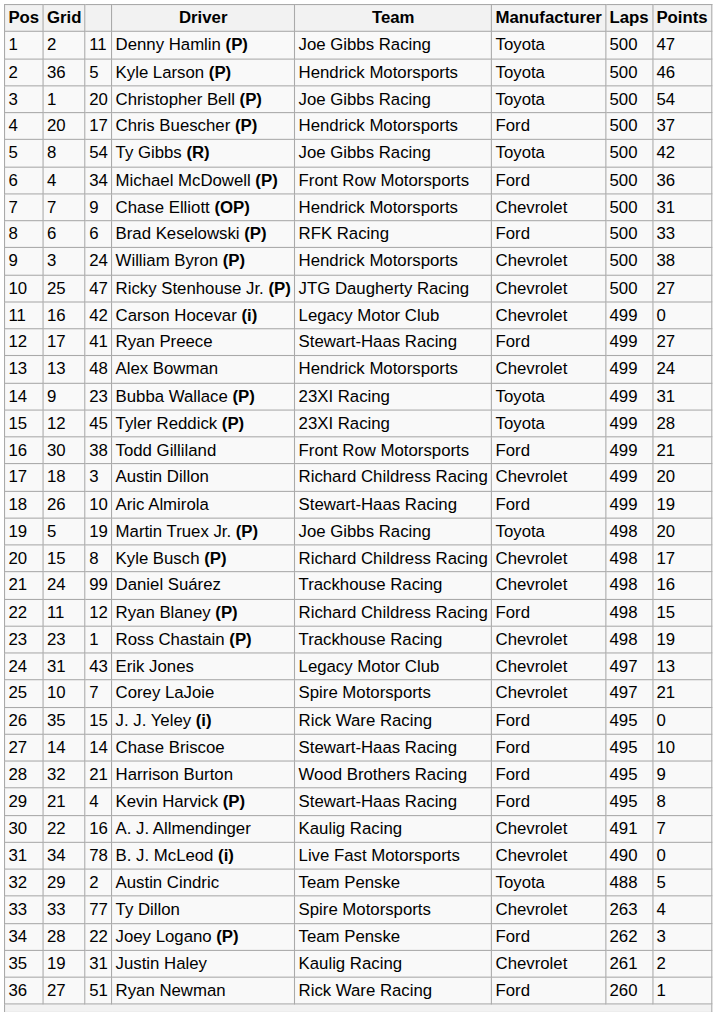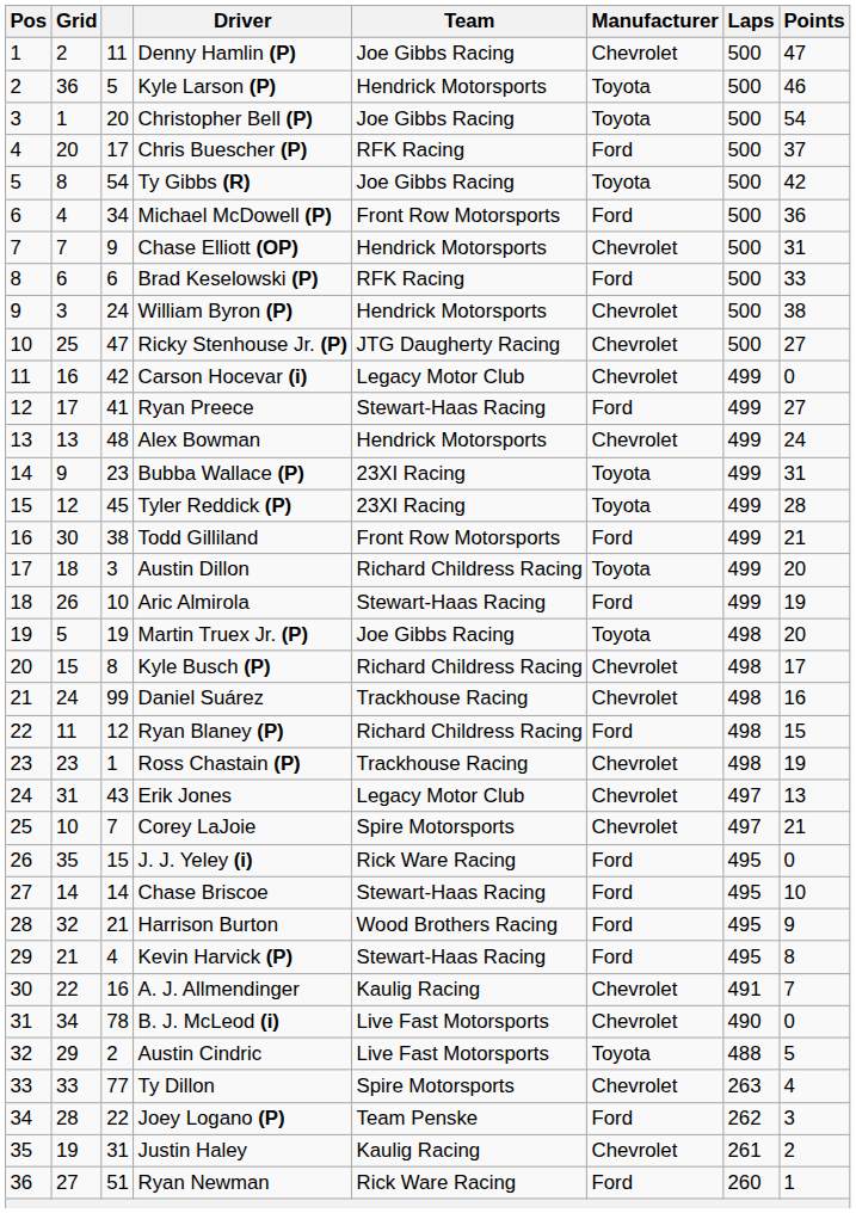 <table class="wikitable" style="font-size:98%">
 <tr>
 <th>Pos</th>
 <th>Grid</th>
 <th></th>
 <th>Driver</th>
 <th>Team</th>
 <th>Manufacturer</th>
 <th>Laps</th>
 <th>Points</th>
 </tr>
 <tr>
 <td>1</td>
 <td>2</td>
 <td>11</td>
 <td>Denny Hamlin <strong>(P)</strong></td>
 <td>Joe Gibbs Racing</td>
-<td>Toyota</td>
+<td>Chevrolet</td>
 <td>500</td>
 <td>47</td>
 </tr>
 <tr>
 <td>2</td>
 <td>36</td>
 <td>5</td>
 <td>Kyle Larson <strong>(P)</strong></td>
 <td>Hendrick Motorsports</td>
 <td>Toyota</td>
 <td>500</td>
 <td>46</td>
 </tr>
 <tr>
 <td>3</td>
 <td>1</td>
 <td>20</td>
 <td>Christopher Bell <strong>(P)</strong></td>
 <td>Joe Gibbs Racing</td>
 <td>Toyota</td>
 <td>500</td>
 <td>54</td>
 </tr>
 <tr>
 <td>4</td>
 <td>20</td>
 <td>17</td>
 <td>Chris Buescher <strong>(P)</strong></td>
-<td>Hendrick Motorsports</td>
+<td>RFK Racing</td>
 <td>Ford</td>
 <td>500</td>
 <td>37</td>
 </tr>
 <tr>
 <td>5</td>
 <td>8</td>
 <td>54</td>
 <td>Ty Gibbs <strong>(R)</strong></td>
 <td>Joe Gibbs Racing</td>
 <td>Toyota</td>
 <td>500</td>
 <td>42</td>
 </tr>
 <tr>
 <td>6</td>
 <td>4</td>
 <td>34</td>
 <td>Michael McDowell <strong>(P)</strong></td>
 <td>Front Row Motorsports</td>
 <td>Ford</td>
 <td>500</td>
 <td>36</td>
 </tr>
 <tr>
 <td>7</td>
 <td>7</td>
 <td>9</td>
 <td>Chase Elliott <strong>(OP)</strong></td>
 <td>Hendrick Motorsports</td>
 <td>Chevrolet</td>
 <td>500</td>
 <td>31</td>
 </tr>
 <tr>
 <td>8</td>
 <td>6</td>
 <td>6</td>
 <td>Brad Keselowski <strong>(P)</strong></td>
 <td>RFK Racing</td>
 <td>Ford</td>
 <td>500</td>
 <td>33</td>
 </tr>
 <tr>
 <td>9</td>
 <td>3</td>
 <td>24</td>
 <td>William Byron <strong>(P)</strong></td>
 <td>Hendrick Motorsports</td>
 <td>Chevrolet</td>
 <td>500</td>
 <td>38</td>
 </tr>
 <tr>
 <td>10</td>
 <td>25</td>
 <td>47</td>
 <td>Ricky Stenhouse Jr. <strong>(P)</strong></td>
 <td>JTG Daugherty Racing</td>
 <td>Chevrolet</td>
 <td>500</td>
 <td>27</td>
 </tr>
 <tr>
 <td>11</td>
 <td>16</td>
 <td>42</td>
 <td>Carson Hocevar <strong>(i)</strong></td>
 <td>Legacy Motor Club</td>
 <td>Chevrolet</td>
 <td>499</td>
 <td>0</td>
 </tr>
 <tr>
 <td>12</td>
 <td>17</td>
 <td>41</td>
 <td>Ryan Preece</td>
 <td>Stewart-Haas Racing</td>
 <td>Ford</td>
 <td>499</td>
 <td>27</td>
 </tr>
 <tr>
 <td>13</td>
 <td>13</td>
 <td>48</td>
 <td>Alex Bowman</td>
 <td>Hendrick Motorsports</td>
 <td>Chevrolet</td>
 <td>499</td>
 <td>24</td>
 </tr>
 <tr>
 <td>14</td>
 <td>9</td>
 <td>23</td>
 <td>Bubba Wallace <strong>(P)</strong></td>
 <td>23XI Racing</td>
 <td>Toyota</td>
 <td>499</td>
 <td>31</td>
 </tr>
 <tr>
 <td>15</td>
 <td>12</td>
 <td>45</td>
 <td>Tyler Reddick <strong>(P)</strong></td>
 <td>23XI Racing</td>
 <td>Toyota</td>
 <td>499</td>
 <td>28</td>
 </tr>
 <tr>
 <td>16</td>
 <td>30</td>
 <td>38</td>
 <td>Todd Gilliland</td>
 <td>Front Row Motorsports</td>
 <td>Ford</td>
 <td>499</td>
 <td>21</td>
 </tr>
 <tr>
 <td>17</td>
 <td>18</td>
 <td>3</td>
 <td>Austin Dillon</td>
 <td>Richard Childress Racing</td>
-<td>Chevrolet</td>
+<td>Toyota</td>
 <td>499</td>
 <td>20</td>
 </tr>
 <tr>
 <td>18</td>
 <td>26</td>
 <td>10</td>
 <td>Aric Almirola</td>
 <td>Stewart-Haas Racing</td>
 <td>Ford</td>
 <td>499</td>
 <td>19</td>
 </tr>
 <tr>
 <td>19</td>
 <td>5</td>
 <td>19</td>
 <td>Martin Truex Jr. <strong>(P)</strong></td>
 <td>Joe Gibbs Racing</td>
 <td>Toyota</td>
 <td>498</td>
 <td>20</td>
 </tr>
 <tr>
 <td>20</td>
 <td>15</td>
 <td>8</td>
 <td>Kyle Busch <strong>(P)</strong></td>
 <td>Richard Childress Racing</td>
 <td>Chevrolet</td>
 <td>498</td>
 <td>17</td>
 </tr>
 <tr>
 <td>21</td>
 <td>24</td>
 <td>99</td>
 <td>Daniel Suárez</td>
 <td>Trackhouse Racing</td>
 <td>Chevrolet</td>
 <td>498</td>
 <td>16</td>
 </tr>
 <tr>
 <td>22</td>
 <td>11</td>
 <td>12</td>
 <td>Ryan Blaney <strong>(P)</strong></td>
 <td>Richard Childress Racing</td>
 <td>Ford</td>
 <td>498</td>
 <td>15</td>
 </tr>
 <tr>
 <td>23</td>
 <td>23</td>
 <td>1</td>
 <td>Ross Chastain <strong>(P)</strong></td>
 <td>Trackhouse Racing</td>
 <td>Chevrolet</td>
 <td>498</td>
 <td>19</td>
 </tr>
 <tr>
 <td>24</td>
 <td>31</td>
 <td>43</td>
 <td>Erik Jones</td>
 <td>Legacy Motor Club</td>
 <td>Chevrolet</td>
 <td>497</td>
 <td>13</td>
 </tr>
 <tr>
 <td>25</td>
 <td>10</td>
 <td>7</td>
 <td>Corey LaJoie</td>
 <td>Spire Motorsports</td>
 <td>Chevrolet</td>
 <td>497</td>
 <td>21</td>
 </tr>
 <tr>
 <td>26</td>
 <td>35</td>
 <td>15</td>
 <td>J. J. Yeley <strong>(i)</strong></td>
 <td>Rick Ware Racing</td>
 <td>Ford</td>
 <td>495</td>
 <td>0</td>
 </tr>
 <tr>
 <td>27</td>
 <td>14</td>
 <td>14</td>
 <td>Chase Briscoe</td>
 <td>Stewart-Haas Racing</td>
 <td>Ford</td>
 <td>495</td>
 <td>10</td>
 </tr>
 <tr>
 <td>28</td>
 <td>32</td>
 <td>21</td>
 <td>Harrison Burton</td>
 <td>Wood Brothers Racing</td>
 <td>Ford</td>
 <td>495</td>
 <td>9</td>
 </tr>
 <tr>
 <td>29</td>
 <td>21</td>
 <td>4</td>
 <td>Kevin Harvick <strong>(P)</strong></td>
 <td>Stewart-Haas Racing</td>
 <td>Ford</td>
 <td>495</td>
 <td>8</td>
 </tr>
 <tr>
 <td>30</td>
 <td>22</td>
 <td>16</td>
 <td>A. J. Allmendinger</td>
 <td>Kaulig Racing</td>
 <td>Chevrolet</td>
 <td>491</td>
 <td>7</td>
 </tr>
 <tr>
 <td>31</td>
 <td>34</td>
 <td>78</td>
 <td>B. J. McLeod <strong>(i)</strong></td>
 <td>Live Fast Motorsports</td>
 <td>Chevrolet</td>
 <td>490</td>
 <td>0</td>
 </tr>
 <tr>
 <td>32</td>
 <td>29</td>
 <td>2</td>
 <td>Austin Cindric</td>
-<td>Team Penske</td>
+<td>Live Fast Motorsports</td>
 <td>Toyota</td>
 <td>488</td>
 <td>5</td>
 </tr>
 <tr>
 <td>33</td>
 <td>33</td>
 <td>77</td>
 <td>Ty Dillon</td>
 <td>Spire Motorsports</td>
 <td>Chevrolet</td>
 <td>263</td>
 <td>4</td>
 </tr>
 <tr>
 <td>34</td>
 <td>28</td>
 <td>22</td>
 <td>Joey Logano <strong>(P)</strong></td>
 <td>Team Penske</td>
 <td>Ford</td>
 <td>262</td>
 <td>3</td>
 </tr>
 <tr>
 <td>35</td>
 <td>19</td>
 <td>31</td>
 <td>Justin Haley</td>
 <td>Kaulig Racing</td>
 <td>Chevrolet</td>
 <td>261</td>
 <td>2</td>
 </tr>
 <tr>
 <td>36</td>
 <td>27</td>
 <td>51</td>
 <td>Ryan Newman</td>
 <td>Rick Ware Racing</td>
 <td>Ford</td>
 <td>260</td>
 <td>1</td>
 </tr>
 <tr>
 <th colspan="8"></th>
 </tr>
 </table>
